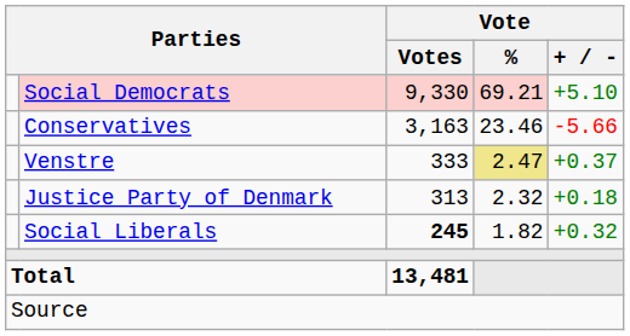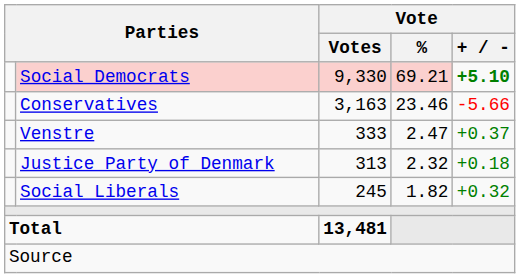 <table class="wikitable" style="text-align:right;">
 <tr>
 <th style="text-align:centre;" rowspan="2" colspan="2" width="225">Parties</th>
 <th colspan="3">Vote</th>
 </tr>
 <tr>
 <th width="15">Votes</th>
 <th width="15">%</th>
 <th width="15">+ / -</th>
 </tr>
 <tr>
 <td width="2" style="color:inherit;background:"></td>
 <td bgcolor=#fbd0ce  align="left"><a href='#'>Social Democrats</a></td>
 <td bgcolor=#fbd0ce>9,330</td>
 <td bgcolor=#fbd0ce>69.21</td>
-<td style=color:green;>+5.10</td>
+<td style=color:green;><strong>+5.10</strong></td>
 </tr>
 <tr>
 <td width="2" style="color:inherit;background:"></td>
 <td align="left"><a href='#'>Conservatives</a></td>
 <td>3,163</td>
 <td>23.46</td>
 <td style=color:red;>-5.66</td>
 </tr>
 <tr>
 <td width="2" style="color:inherit;background:"></td>
 <td align="left"><a href='#'>Venstre</a></td>
 <td>333</td>
-<td style="background: khaki;">2.47</td>
+<td>2.47</td>
 <td style=color:green;>+0.37</td>
 </tr>
 <tr>
 <td width="2" style="color:inherit;background:"></td>
 <td align="left"><a href='#'>Justice Party of Denmark</a></td>
 <td>313</td>
 <td>2.32</td>
 <td style=color:green;>+0.18</td>
 </tr>
 <tr>
 <td width="2" style="color:inherit;background:"></td>
 <td align="left"><a href='#'>Social Liberals</a></td>
-<td><strong>245</strong></td>
+<td>245</td>
 <td>1.82</td>
 <td style=color:green;>+0.32</td>
 </tr>
 <tr>
 <td colspan="7" bgcolor="#E9E9E9"></td>
 </tr>
 <tr>
 <td align="left" colspan="2"><strong>Total</strong></td>
 <td><strong>13,481</strong></td>
 <td bgcolor="#E9E9E9" colspan="2"></td>
 </tr>
 <tr>
 <td align="left" colspan="6">Source</td>
 </tr>
 </table>
